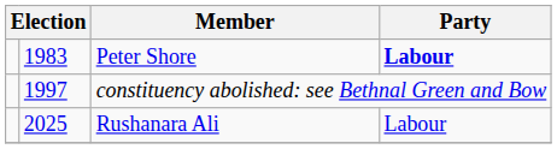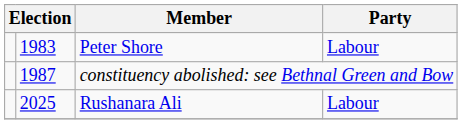 <table class="wikitable">
 <tr>
 <th colspan="2">Election</th>
 <th>Member</th>
 <th>Party</th>
 </tr>
 <tr>
 <td style="color:inherit;background-color: "></td>
 <td><a href='#'>1983</a></td>
 <td><a href='#'>Peter Shore</a></td>
-<td><strong><a href='#'>Labour</a></strong></td>
+<td><a href='#'>Labour</a></td>
 </tr>
 <tr>
 <td></td>
-<td><a href='#'>1997</a></td>
+<td><a href='#'>1987</a></td>
 <td colspan="2"><em>constituency abolished: see <a href='#'>Bethnal Green and Bow</a></em></td>
 </tr>
 <tr>
 <td style="color:inherit;background-color: "></td>
 <td><a href='#'>2025</a></td>
 <td><a href='#'>Rushanara Ali</a></td>
 <td><a href='#'>Labour</a></td>
 </tr>
 <tr>
 </tr>
 </table>
